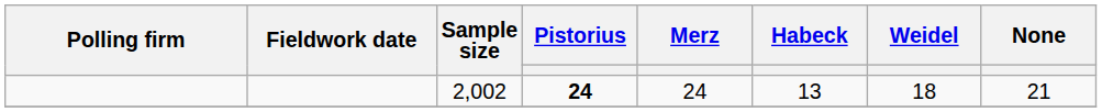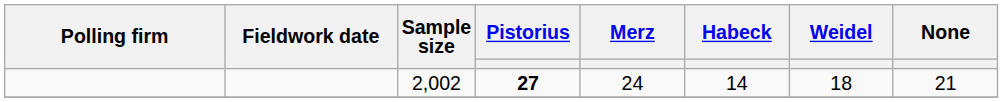 <table class="wikitable sortable mw-datatable" style="text-align:center;font-size:90%;line-height:14px;">
 <tr style="height:40px;">
 <th style="width:155px;" rowspan="2">Polling firm</th>
 <th style="width:120px;" rowspan="2">Fieldwork date</th>
 <th style="width: 35px;" rowspan="2">Sample<br>size</th>
 <th class="unsortable" style="width:70px;"><a href='#'>Pistorius</a><br></th>
 <th class="unsortable" style="width:70px;"><a href='#'>Merz</a><br></th>
 <th class="unsortable" style="width:70px;"><a href='#'>Habeck</a><br></th>
 <th class="unsortable" style="width:70px;"><a href='#'>Weidel</a><br></th>
 <th class="unsortable" style="width:70px;">None</th>
 </tr>
 <tr>
 <th style="background:"></th>
 <th style="background:"></th>
 <th style="background:"></th>
 <th style="background:"></th>
 <th style="background:"></th>
 </tr>
 <tr>
 <td></td>
 <td></td>
 <td>2,002</td>
-<td><strong>24</strong></td>
+<td><strong>27</strong></td>
 <td>24</td>
-<td>13</td>
+<td>14</td>
 <td>18</td>
 <td>21</td>
 </tr>
 <tr>
 </tr>
 </table>
